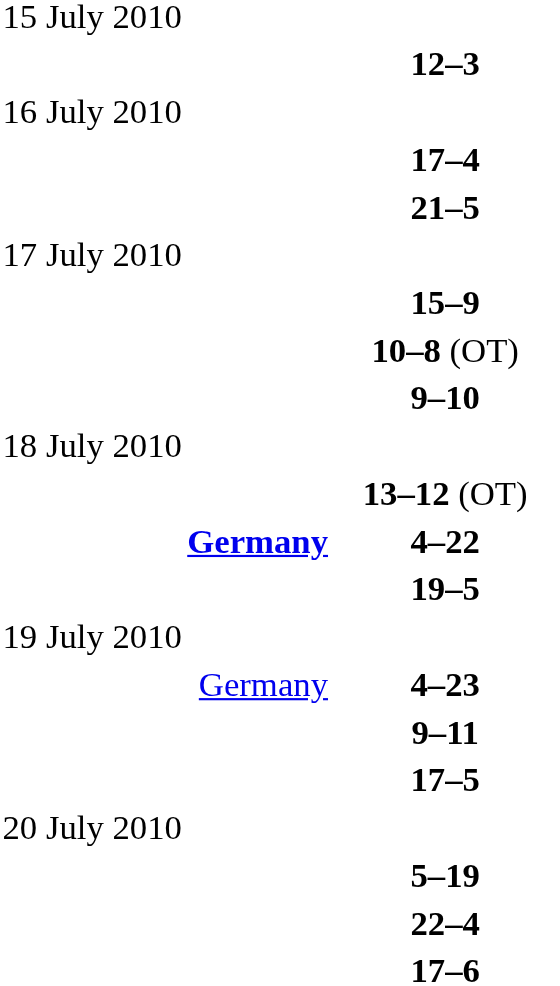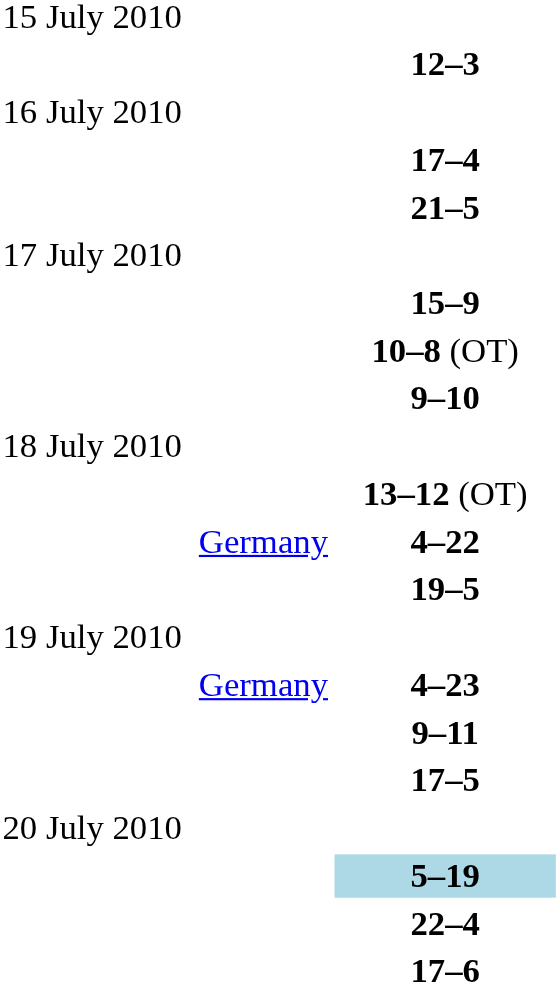 <table>
 <tr>
 <th width=150></th>
 <th width=100></th>
 <th width=150></th>
 </tr>
 <tr>
 <td>15 July 2010</td>
 </tr>
 <tr>
 <td align=right><strong></strong></td>
 <td align=center><strong>12–3</strong></td>
 <td></td>
 </tr>
 <tr>
 <td>16 July 2010</td>
 </tr>
 <tr>
 <td align=right><strong></strong></td>
 <td align=center><strong>17–4</strong></td>
 <td></td>
 </tr>
 <tr>
 <td align=right><strong></strong></td>
 <td align=center><strong>21–5</strong></td>
 <td></td>
 </tr>
 <tr>
 <td>17 July 2010</td>
 </tr>
 <tr>
 <td align=right><strong></strong></td>
 <td align=center><strong>15–9</strong></td>
 <td></td>
 </tr>
 <tr>
 <td align=right><strong></strong></td>
 <td align=center><strong>10–8</strong> (OT)</td>
 <td></td>
 </tr>
 <tr>
 <td align=right></td>
 <td align=center><strong>9–10</strong></td>
 <td><strong></strong></td>
 </tr>
 <tr>
 <td>18 July 2010</td>
 </tr>
 <tr>
 <td align=right><strong></strong></td>
 <td align=center><strong>13–12</strong> (OT)</td>
 <td></td>
 </tr>
 <tr>
-<td align=right><strong><a href='#'>Germany</a> </strong></td>
+<td align=right><a href='#'>Germany</a> </td>
 <td align=center><strong>4–22</strong></td>
 <td><strong></strong></td>
 </tr>
 <tr>
 <td align=right><strong></strong></td>
 <td align=center><strong>19–5</strong></td>
 <td></td>
 </tr>
 <tr>
 <td>19 July 2010</td>
 </tr>
 <tr>
 <td align=right><a href='#'>Germany</a> </td>
 <td align=center><strong>4–23</strong></td>
 <td><strong></strong></td>
 </tr>
 <tr>
 <td align=right></td>
 <td align=center><strong>9–11</strong></td>
 <td><strong></strong></td>
 </tr>
 <tr>
 <td align=right><strong></strong></td>
 <td align=center><strong>17–5</strong></td>
 <td></td>
 </tr>
 <tr>
 <td>20 July 2010</td>
 </tr>
 <tr>
 <td align=right></td>
-<td align=center><strong>5–19</strong></td>
+<td align=center style="background: lightblue;"><strong>5–19</strong></td>
 <td><strong></strong></td>
 </tr>
 <tr>
 <td align=right><strong></strong></td>
 <td align=center><strong>22–4</strong></td>
 <td></td>
 </tr>
 <tr>
 <td align=right><strong></strong></td>
 <td align=center><strong>17–6</strong></td>
 <td></td>
 </tr>
 </table>
